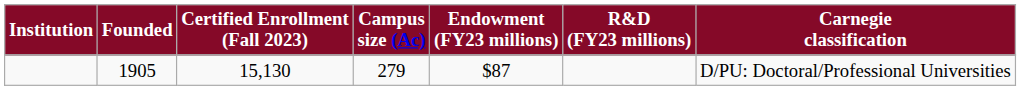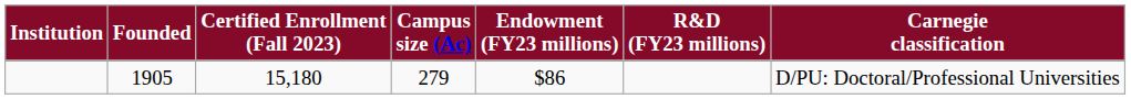 <table class="wikitable sortable plainrowheaders" style="border:2px solid #;">
 <tr>
 <th scope="col" style="background-color: #850928; color: white;">Institution</th>
 <th scope="col" style="background-color: #850928; color: white;">Founded</th>
 <th scope="col" style="background-color: #850928; color: white;">Certified Enrollment<br>(Fall 2023)</th>
 <th scope="col" style="background-color: #850928; color: white;">Campus<br>size <a href='#'>(Ac)</a></th>
 <th scope="col" style="background-color: #850928; color: white;">Endowment<br> (FY23 millions) <br></th>
 <th scope="col" style="background-color: #850928; color: white;">R&D<br>(FY23 millions)</th>
 <th scope="col" style="background-color: #850928; color: white;">Carnegie<br>classification</th>
 </tr>
 <tr>
 </tr>
 <tr>
 <td></td>
 <td align="center">1905</td>
-<td align="center">15,130</td>
+<td align="center">15,180</td>
 <td align="center">279</td>
-<td align="center">$87</td>
+<td align="center">$86</td>
 <td align="center"></td>
 <td>D/PU: Doctoral/Professional Universities</td>
 </tr>
 </table>
